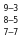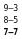 <table style="text-align:center">
 <tr>
 <th width=200></th>
 <th width=100></th>
 <th width=200></th>
 </tr>
 <tr>
 <td align=right><strong></strong></td>
 <td>9–3</td>
 <td align=left></td>
 </tr>
 <tr>
 <td align=right><strong></strong></td>
 <td>8–5</td>
 <td align=left></td>
 </tr>
 <tr>
 <td align=right><strong></strong></td>
-<td>7–7</td>
+<td><strong>7–7</strong></td>
 <td align=left><strong></strong></td>
 </tr>
 </table>
